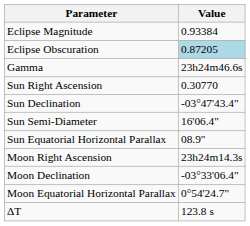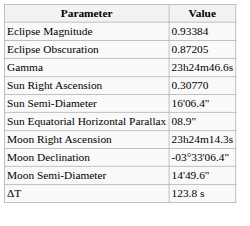 <table class="wikitable">
 <tr>
 <th>Parameter</th>
 <th>Value</th>
 </tr>
 <tr>
 <td>Eclipse Magnitude</td>
 <td>0.93384</td>
 </tr>
 <tr>
 <td>Eclipse Obscuration</td>
-<td style="background: lightblue;">0.87205</td>
+<td>0.87205</td>
 </tr>
 <tr>
 <td>Gamma</td>
 <td>23h24m46.6s</td>
 </tr>
 <tr>
 <td>Sun Right Ascension</td>
 <td>0.30770</td>
-</tr>
-<tr>
-<td>Sun Declination</td>
-<td>-03°47'43.4"</td>
 </tr>
 <tr>
 <td>Sun Semi-Diameter</td>
 <td>16'06.4"</td>
 </tr>
 <tr>
 <td>Sun Equatorial Horizontal Parallax</td>
 <td>08.9"</td>
 </tr>
 <tr>
 <td>Moon Right Ascension</td>
 <td>23h24m14.3s</td>
 </tr>
 <tr>
 <td>Moon Declination</td>
 <td>-03°33'06.4"</td>
 </tr>
 <tr>
-<td>Moon Equatorial Horizontal Parallax</td>
-<td>0°54'24.7"</td>
+<td>Moon Semi-Diameter</td>
+<td>14'49.6"</td>
 </tr>
 <tr>
 <td>ΔT</td>
 <td>123.8 s</td>
 </tr>
 </table>
